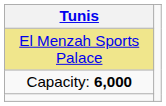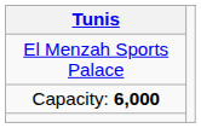 <table class="wikitable" style="text-align:center">
 <tr>
 <th><a href='#'>Tunis</a></th>
 <td rowspan=4></td>
 </tr>
 <tr>
-<td width=150px style="background: khaki;"><a href='#'>El Menzah Sports Palace</a></td>
+<td width=150px><a href='#'>El Menzah Sports Palace</a></td>
 </tr>
 <tr>
 <td>Capacity: <strong>6,000</strong></td>
 </tr>
 <tr>
 <td></td>
 </tr>
 </table>
